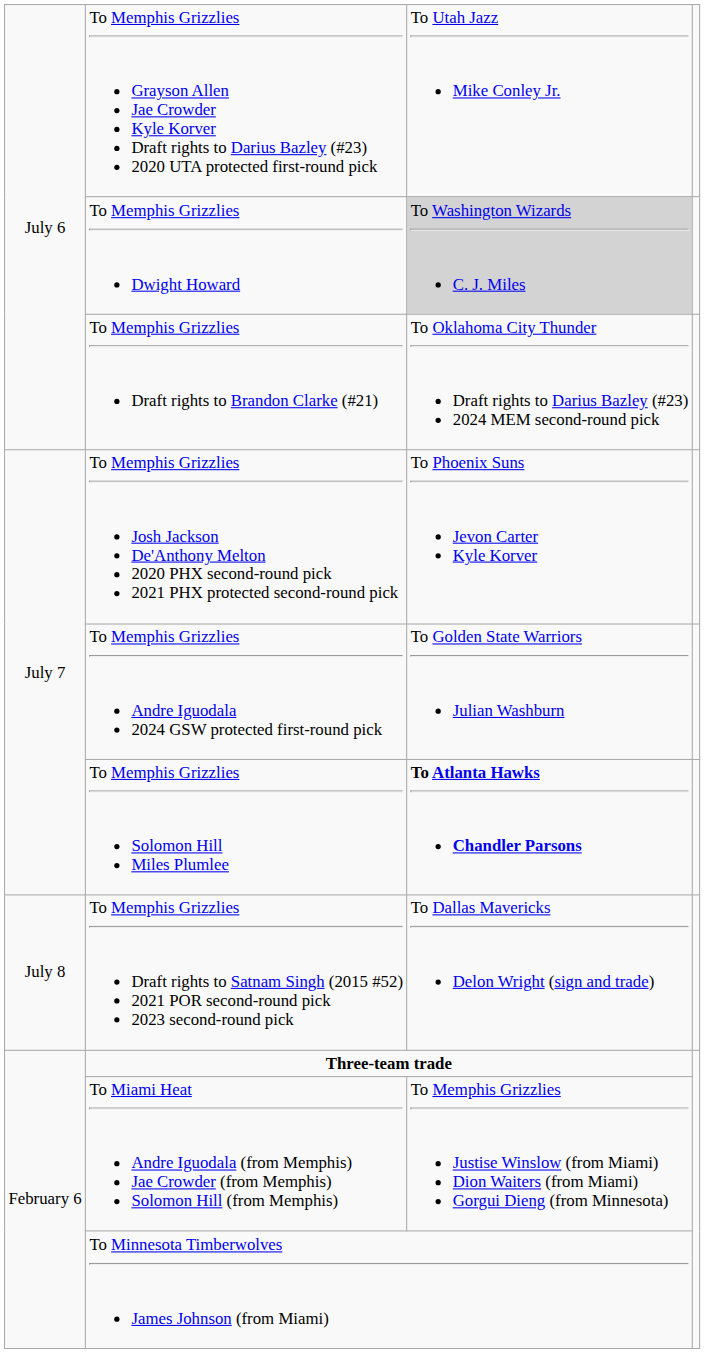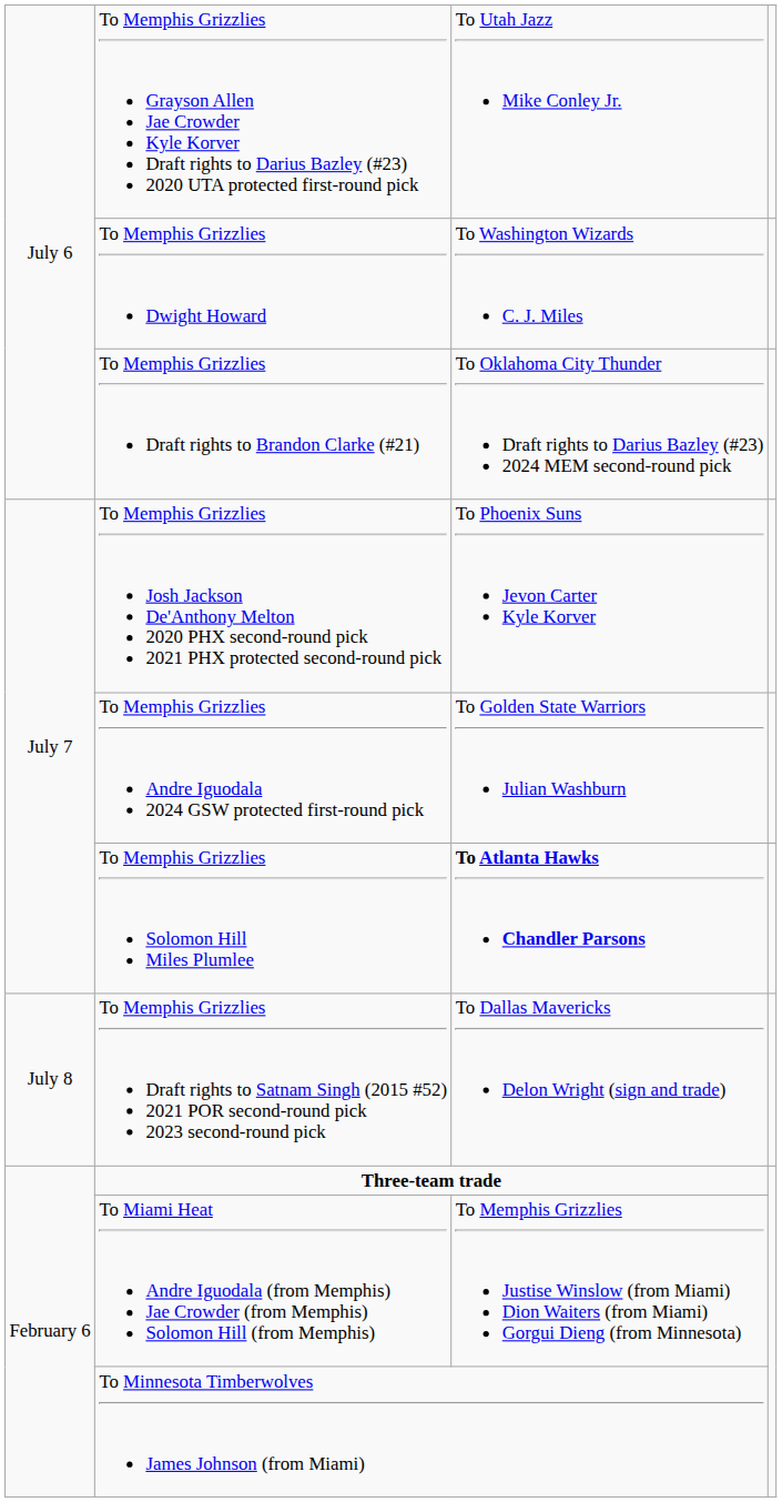 <table class="wikitable sortable sortable" style="text-align: center">
 <tr>
 <td rowspan="3">July 6</td>
 <td align="left" valign="top">To <a href='#'>Memphis Grizzlies</a><hr><br><ul><li><a href='#'>Grayson Allen</a></li><li><a href='#'>Jae Crowder</a></li><li><a href='#'>Kyle Korver</a></li><li>Draft rights to <a href='#'>Darius Bazley</a> (#23)</li><li>2020 UTA protected first-round pick</li></ul></td>
 <td align="left" valign="top">To <a href='#'>Utah Jazz</a><hr><br><ul><li><a href='#'>Mike Conley Jr.</a></li></ul></td>
 <td align="center"></td>
 </tr>
 <tr>
 <td align="left" valign="top">To <a href='#'>Memphis Grizzlies</a><hr><br><ul><li><a href='#'>Dwight Howard</a></li></ul></td>
-<td align="left" valign="top" style="background: lightgrey;">To <a href='#'>Washington Wizards</a><hr><br><ul><li><a href='#'>C. J. Miles</a></li></ul></td>
+<td align="left" valign="top">To <a href='#'>Washington Wizards</a><hr><br><ul><li><a href='#'>C. J. Miles</a></li></ul></td>
 <td align="center"></td>
 </tr>
 <tr>
 <td align="left" valign="top">To <a href='#'>Memphis Grizzlies</a><hr><br><ul><li>Draft rights to <a href='#'>Brandon Clarke</a> (#21)</li></ul></td>
 <td align="left" valign="top">To <a href='#'>Oklahoma City Thunder</a><hr><br><ul><li>Draft rights to <a href='#'>Darius Bazley</a> (#23)</li><li>2024 MEM second-round pick</li></ul></td>
 <td align="center"></td>
 </tr>
 <tr>
 <td rowspan="3">July 7</td>
 <td align="left" valign="top">To <a href='#'>Memphis Grizzlies</a><hr><br><ul><li><a href='#'>Josh Jackson</a></li><li><a href='#'>De'Anthony Melton</a></li><li>2020 PHX second-round pick</li><li>2021 PHX protected second-round pick</li></ul></td>
 <td align="left" valign="top">To <a href='#'>Phoenix Suns</a><hr><br><ul><li><a href='#'>Jevon Carter</a></li><li><a href='#'>Kyle Korver</a></li></ul></td>
 <td align="center"></td>
 </tr>
 <tr>
 <td align="left" valign="top">To <a href='#'>Memphis Grizzlies</a><hr><br><ul><li><a href='#'>Andre Iguodala</a></li><li>2024 GSW protected first-round pick</li></ul></td>
 <td align="left" valign="top">To <a href='#'>Golden State Warriors</a><hr><br><ul><li><a href='#'>Julian Washburn</a></li></ul></td>
 <td align="center"></td>
 </tr>
 <tr>
 <td align="left" valign="top">To <a href='#'>Memphis Grizzlies</a><hr><br><ul><li><a href='#'>Solomon Hill</a></li><li><a href='#'>Miles Plumlee</a></li></ul></td>
 <td align="left" valign="top"><strong>To <a href='#'>Atlanta Hawks</a><hr><br><ul><li><a href='#'>Chandler Parsons</a></li></ul></strong></td>
 <td align="center"></td>
 </tr>
 <tr>
 <td>July 8</td>
 <td align="left" valign="top">To <a href='#'>Memphis Grizzlies</a><hr><br><ul><li>Draft rights to <a href='#'>Satnam Singh</a> (2015 #52)</li><li>2021 POR second-round pick</li><li>2023 second-round pick</li></ul></td>
 <td align="left" valign="top">To <a href='#'>Dallas Mavericks</a><hr><br><ul><li><a href='#'>Delon Wright</a> (<a href='#'>sign and trade</a>)</li></ul></td>
 <td align="center"></td>
 </tr>
 <tr>
 <td rowspan="3">February 6</td>
 <td colspan="2"><strong>Three-team trade</strong></td>
 <td rowspan="3"></td>
 </tr>
 <tr>
 <td align="left" valign="top">To <a href='#'>Miami Heat</a><hr><br><ul><li><a href='#'>Andre Iguodala</a> (from Memphis)</li><li><a href='#'>Jae Crowder</a> (from Memphis)</li><li><a href='#'>Solomon Hill</a> (from Memphis)</li></ul></td>
 <td align="left" valign="top">To <a href='#'>Memphis Grizzlies</a><hr><br><ul><li><a href='#'>Justise Winslow</a> (from Miami)</li><li><a href='#'>Dion Waiters</a> (from Miami)</li><li><a href='#'>Gorgui Dieng</a> (from Minnesota)</li></ul></td>
 </tr>
 <tr>
 <td colspan="2" align="left" valign="top">To <a href='#'>Minnesota Timberwolves</a><hr><br><ul><li><a href='#'>James Johnson</a> (from Miami)</li></ul></td>
 </tr>
 <tr>
 </tr>
 </table>
